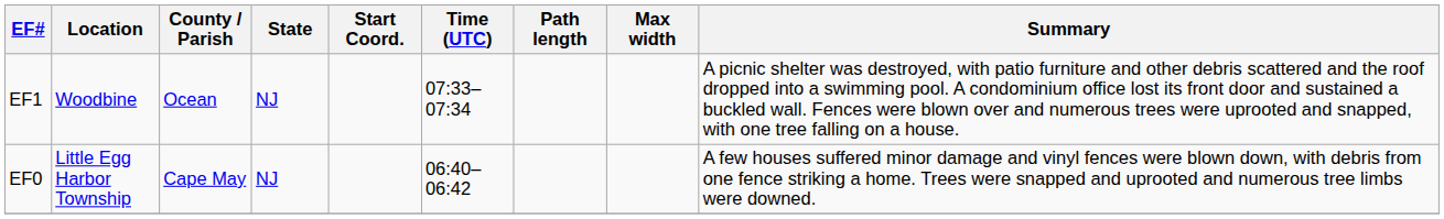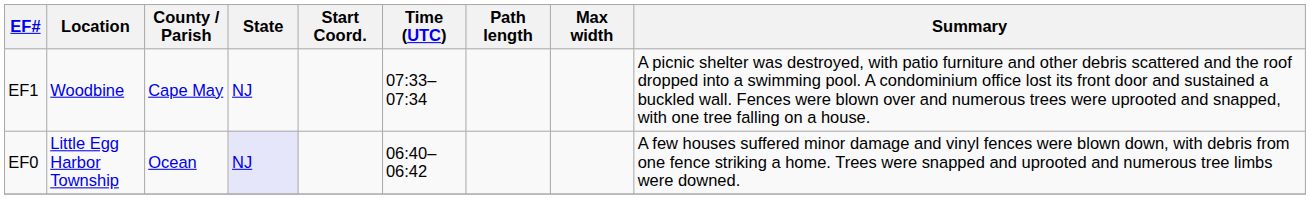 <table class="wikitable sortable" style="width:100%;">
 <tr>
 <th scope="col"  style="width:3%; text-align:center;"><a href='#'>EF#</a></th>
 <th scope="col"  style="width:7%; text-align:center;" class="unsortable">Location</th>
 <th scope="col"  style="width:6%; text-align:center;" class="unsortable">County / Parish</th>
 <th scope="col"  style="width:5%; text-align:center;">State</th>
 <th scope="col"  style="width:6%; text-align:center;">Start Coord.</th>
 <th scope="col"  style="width:6%; text-align:center;">Time (<a href='#'>UTC</a>)</th>
 <th scope="col"  style="width:6%; text-align:center;">Path length</th>
 <th scope="col"  style="width:6%; text-align:center;">Max width</th>
 <th scope="col" class="unsortable" style="width:48%; text-align:center;">Summary</th>
 </tr>
 <tr>
 <td>EF1</td>
 <td><a href='#'>Woodbine</a></td>
-<td><a href='#'>Ocean</a></td>
+<td><a href='#'>Cape May</a></td>
 <td><a href='#'>NJ</a></td>
 <td></td>
 <td>07:33–07:34</td>
 <td></td>
 <td></td>
 <td>A picnic shelter was destroyed, with patio furniture and other debris scattered and the roof dropped into a swimming pool. A condominium office lost its front door and sustained a buckled wall. Fences were blown over and numerous trees were uprooted and snapped, with one tree falling on a house.</td>
 </tr>
 <tr>
 <td>EF0</td>
 <td><a href='#'>Little Egg Harbor Township</a></td>
-<td><a href='#'>Cape May</a></td>
-<td><a href='#'>NJ</a></td>
+<td><a href='#'>Ocean</a></td>
+<td style="background: lavender;"><a href='#'>NJ</a></td>
 <td></td>
 <td>06:40–06:42</td>
 <td></td>
 <td></td>
 <td>A few houses suffered minor damage and vinyl fences were blown down, with debris from one fence striking a home. Trees were snapped and uprooted and numerous tree limbs were downed.</td>
 </tr>
 <tr>
 </tr>
 </table>
